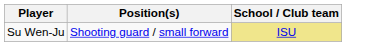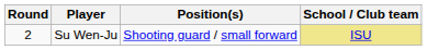 <table class="wikitable sortable sortable">
 <tr>
+<th>Round</th>
 <th>Player</th>
 <th>Position(s)</th>
 <th>School / Club team</th>
 </tr>
 <tr style="text-align: center">
+<td>2</td>
 <td>Su Wen-Ju</td>
 <td><a href='#'>Shooting guard</a> / <a href='#'>small forward</a></td>
 <td style="background: khaki;"><a href='#'>ISU</a></td>
 </tr>
 </table>
